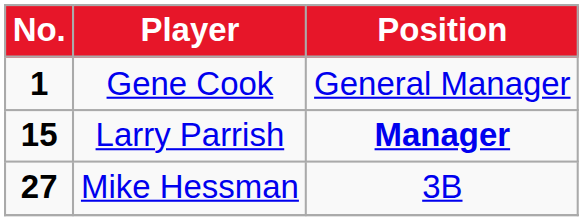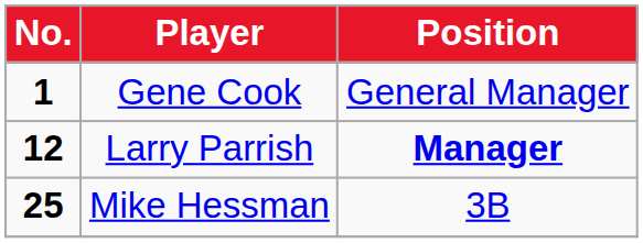 <table class="wikitable" style="text-align:center">
 <tr>
 <th scope="col" style="background: #E71629; color:#FFFFFF">No.</th>
 <th scope="col" style="background: #E71629; color:#FFFFFF">Player</th>
 <th scope="col" style="background: #E71629; color:#FFFFFF">Position</th>
 </tr>
 <tr>
 <td scope="row"><strong>1</strong></td>
 <td><a href='#'>Gene Cook</a></td>
 <td><a href='#'>General Manager</a></td>
 </tr>
 <tr>
-<td scope="row"><strong>15</strong></td>
+<td scope="row"><strong>12</strong></td>
 <td><a href='#'>Larry Parrish</a></td>
 <td><strong><a href='#'>Manager</a></strong></td>
 </tr>
 <tr>
-<td scope="row"><strong>27</strong></td>
+<td scope="row"><strong>25</strong></td>
 <td><a href='#'>Mike Hessman</a></td>
 <td><a href='#'>3B</a></td>
 </tr>
 <tr>
 </tr>
 </table>
